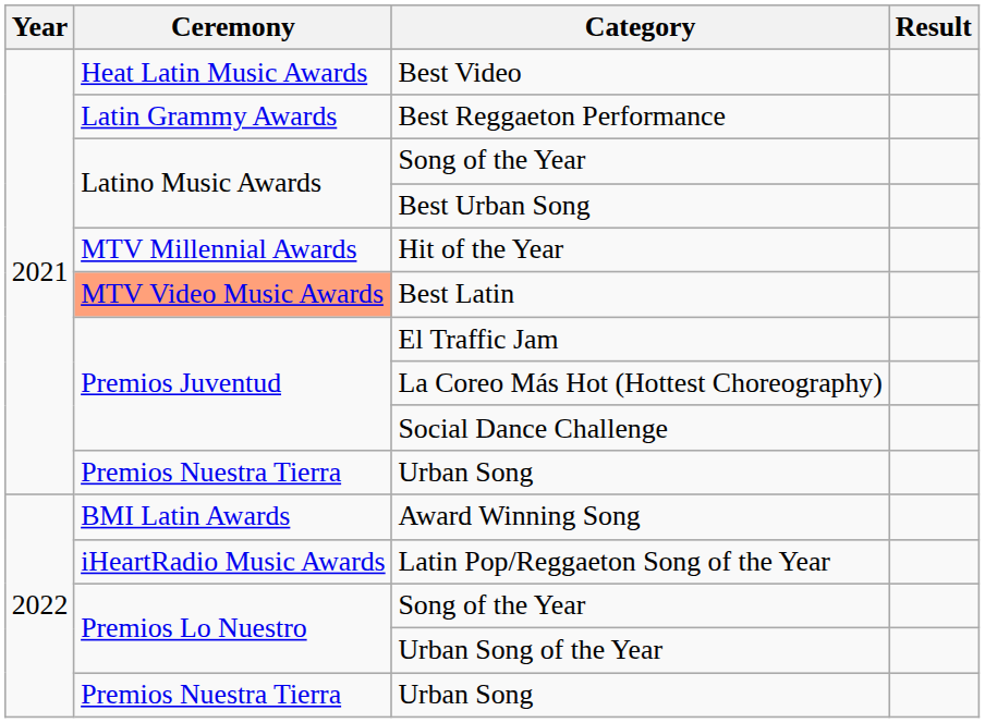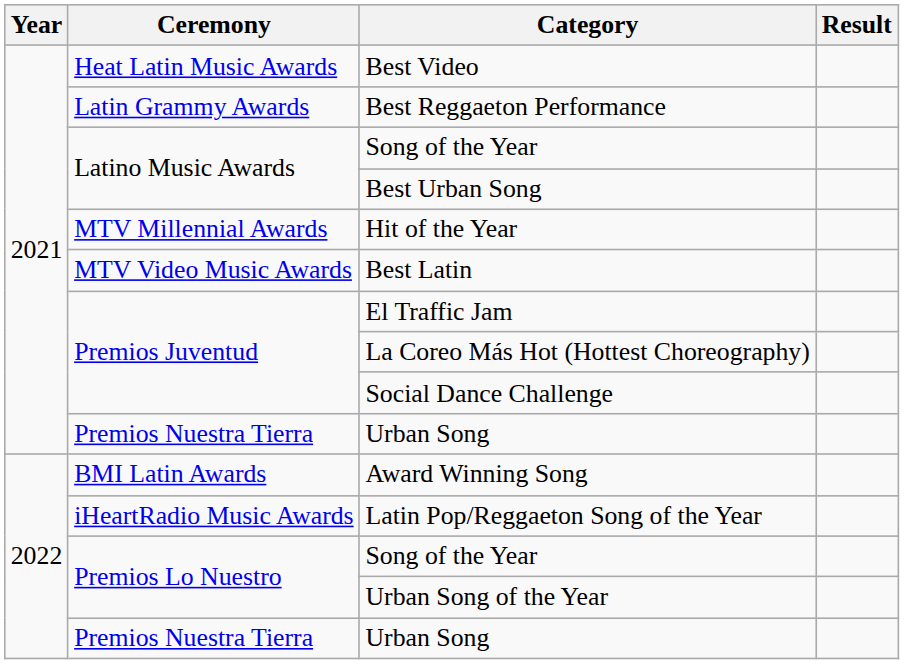 <table class="wikitable plainrowheaders">
 <tr>
 <th scope="col">Year</th>
 <th scope="col">Ceremony</th>
 <th scope="col">Category</th>
 <th scope="col">Result</th>
 </tr>
 <tr>
 <td rowspan="10">2021</td>
 <td><a href='#'>Heat Latin Music Awards</a></td>
 <td>Best Video</td>
 <td></td>
 </tr>
 <tr>
 <td><a href='#'>Latin Grammy Awards</a></td>
 <td>Best Reggaeton Performance</td>
 <td></td>
 </tr>
 <tr>
 <td rowspan="2">Latino Music Awards</td>
 <td>Song of the Year</td>
 <td></td>
 </tr>
 <tr>
 <td>Best Urban Song</td>
 <td></td>
 </tr>
 <tr>
 <td><a href='#'>MTV Millennial Awards</a></td>
 <td>Hit of the Year</td>
 <td></td>
 </tr>
 <tr>
-<td style="background: lightsalmon;"><a href='#'>MTV Video Music Awards</a></td>
+<td><a href='#'>MTV Video Music Awards</a></td>
 <td>Best Latin</td>
 <td></td>
 </tr>
 <tr>
 <td rowspan="3"><a href='#'>Premios Juventud</a></td>
 <td>El Traffic Jam</td>
 <td></td>
 </tr>
 <tr>
 <td>La Coreo Más Hot (Hottest Choreography)</td>
 <td></td>
 </tr>
 <tr>
 <td>Social Dance Challenge</td>
 <td></td>
 </tr>
 <tr>
 <td><a href='#'>Premios Nuestra Tierra</a></td>
 <td>Urban Song</td>
 <td></td>
 </tr>
 <tr>
 <td rowspan="5">2022</td>
 <td><a href='#'>BMI Latin Awards</a></td>
 <td>Award Winning Song</td>
 <td></td>
 </tr>
 <tr>
 <td><a href='#'>iHeartRadio Music Awards</a></td>
 <td>Latin Pop/Reggaeton Song of the Year</td>
 <td></td>
 </tr>
 <tr>
 <td rowspan="2"><a href='#'>Premios Lo Nuestro</a></td>
 <td>Song of the Year</td>
 <td></td>
 </tr>
 <tr>
 <td>Urban Song of the Year</td>
 <td></td>
 </tr>
 <tr>
 <td><a href='#'>Premios Nuestra Tierra</a></td>
 <td>Urban Song</td>
 <td></td>
 </tr>
 </table>
